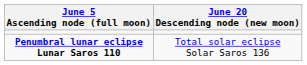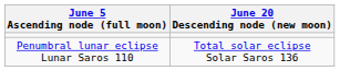 <table class="wikitable">
 <tr>
 <th><a href='#'>June 5</a><br>Ascending node (full moon)</th>
 <th><a href='#'>June 20</a><br>Descending node (new moon)<br></th>
 </tr>
 <tr>
 <td></td>
 <td></td>
 </tr>
 <tr align=center>
-<td><strong><a href='#'>Penumbral lunar eclipse</a><br>Lunar Saros 110</strong></td>
+<td><a href='#'>Penumbral lunar eclipse</a><br>Lunar Saros 110</td>
 <td><a href='#'>Total solar eclipse</a><br>Solar Saros 136</td>
 </tr>
 </table>
